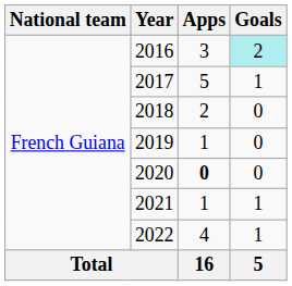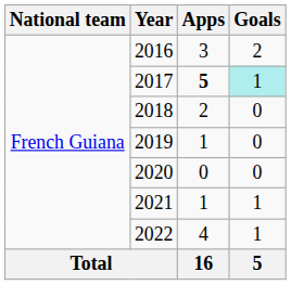 <table class="wikitable" style="text-align:center">
 <tr>
 <th>National team</th>
 <th>Year</th>
 <th>Apps</th>
 <th>Goals</th>
 </tr>
 <tr>
 <td rowspan="7"><a href='#'>French Guiana</a></td>
 <td>2016</td>
 <td>3</td>
-<td style="background: paleturquoise;">2</td>
+<td>2</td>
 </tr>
 <tr>
 <td>2017</td>
-<td>5</td>
-<td>1</td>
+<td><strong>5</strong></td>
+<td style="background: paleturquoise;">1</td>
 </tr>
 <tr>
 <td>2018</td>
 <td>2</td>
 <td>0</td>
 </tr>
 <tr>
 <td>2019</td>
 <td>1</td>
 <td>0</td>
 </tr>
 <tr>
 <td>2020</td>
-<td><strong>0</strong></td>
+<td>0</td>
 <td>0</td>
 </tr>
 <tr>
 <td>2021</td>
 <td>1</td>
 <td>1</td>
 </tr>
 <tr>
 <td>2022</td>
 <td>4</td>
 <td>1</td>
 </tr>
 <tr>
 <th colspan="2">Total</th>
 <th>16</th>
 <th>5</th>
 </tr>
 </table>
